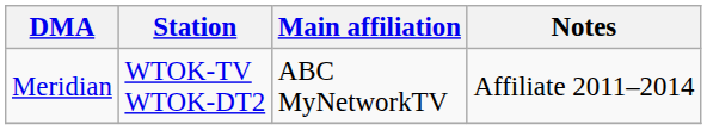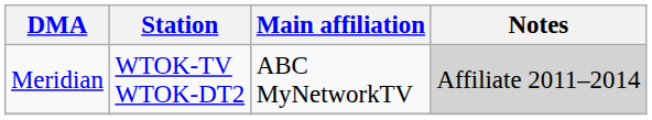 <table class="wikitable">
 <tr>
 <th><a href='#'>DMA</a></th>
 <th><a href='#'>Station</a></th>
 <th><a href='#'>Main affiliation</a> <br>  </th>
 <th>Notes</th>
 </tr>
 <tr>
 <td><a href='#'>Meridian</a></td>
 <td><a href='#'>WTOK-TV</a> <br> <a href='#'>WTOK-DT2</a></td>
 <td>ABC <br> MyNetworkTV</td>
-<td>Affiliate 2011–2014 </td>
+<td style="background: lightgrey;">Affiliate 2011–2014 </td>
 </tr>
 <tr>
 </tr>
 </table>
